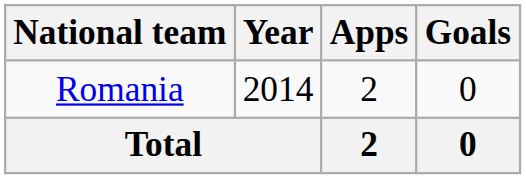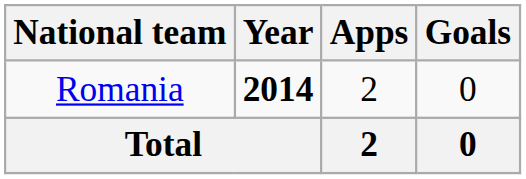 <table class="wikitable" style="text-align:center">
 <tr>
 <th>National team</th>
 <th>Year</th>
 <th>Apps</th>
 <th>Goals</th>
 </tr>
 <tr>
 <td rowspan="1"><a href='#'>Romania</a></td>
-<td>2014</td>
+<td><strong>2014</strong></td>
 <td>2</td>
 <td>0</td>
 </tr>
 <tr>
 <th colspan="2">Total</th>
 <th>2</th>
 <th>0</th>
 </tr>
 </table>
